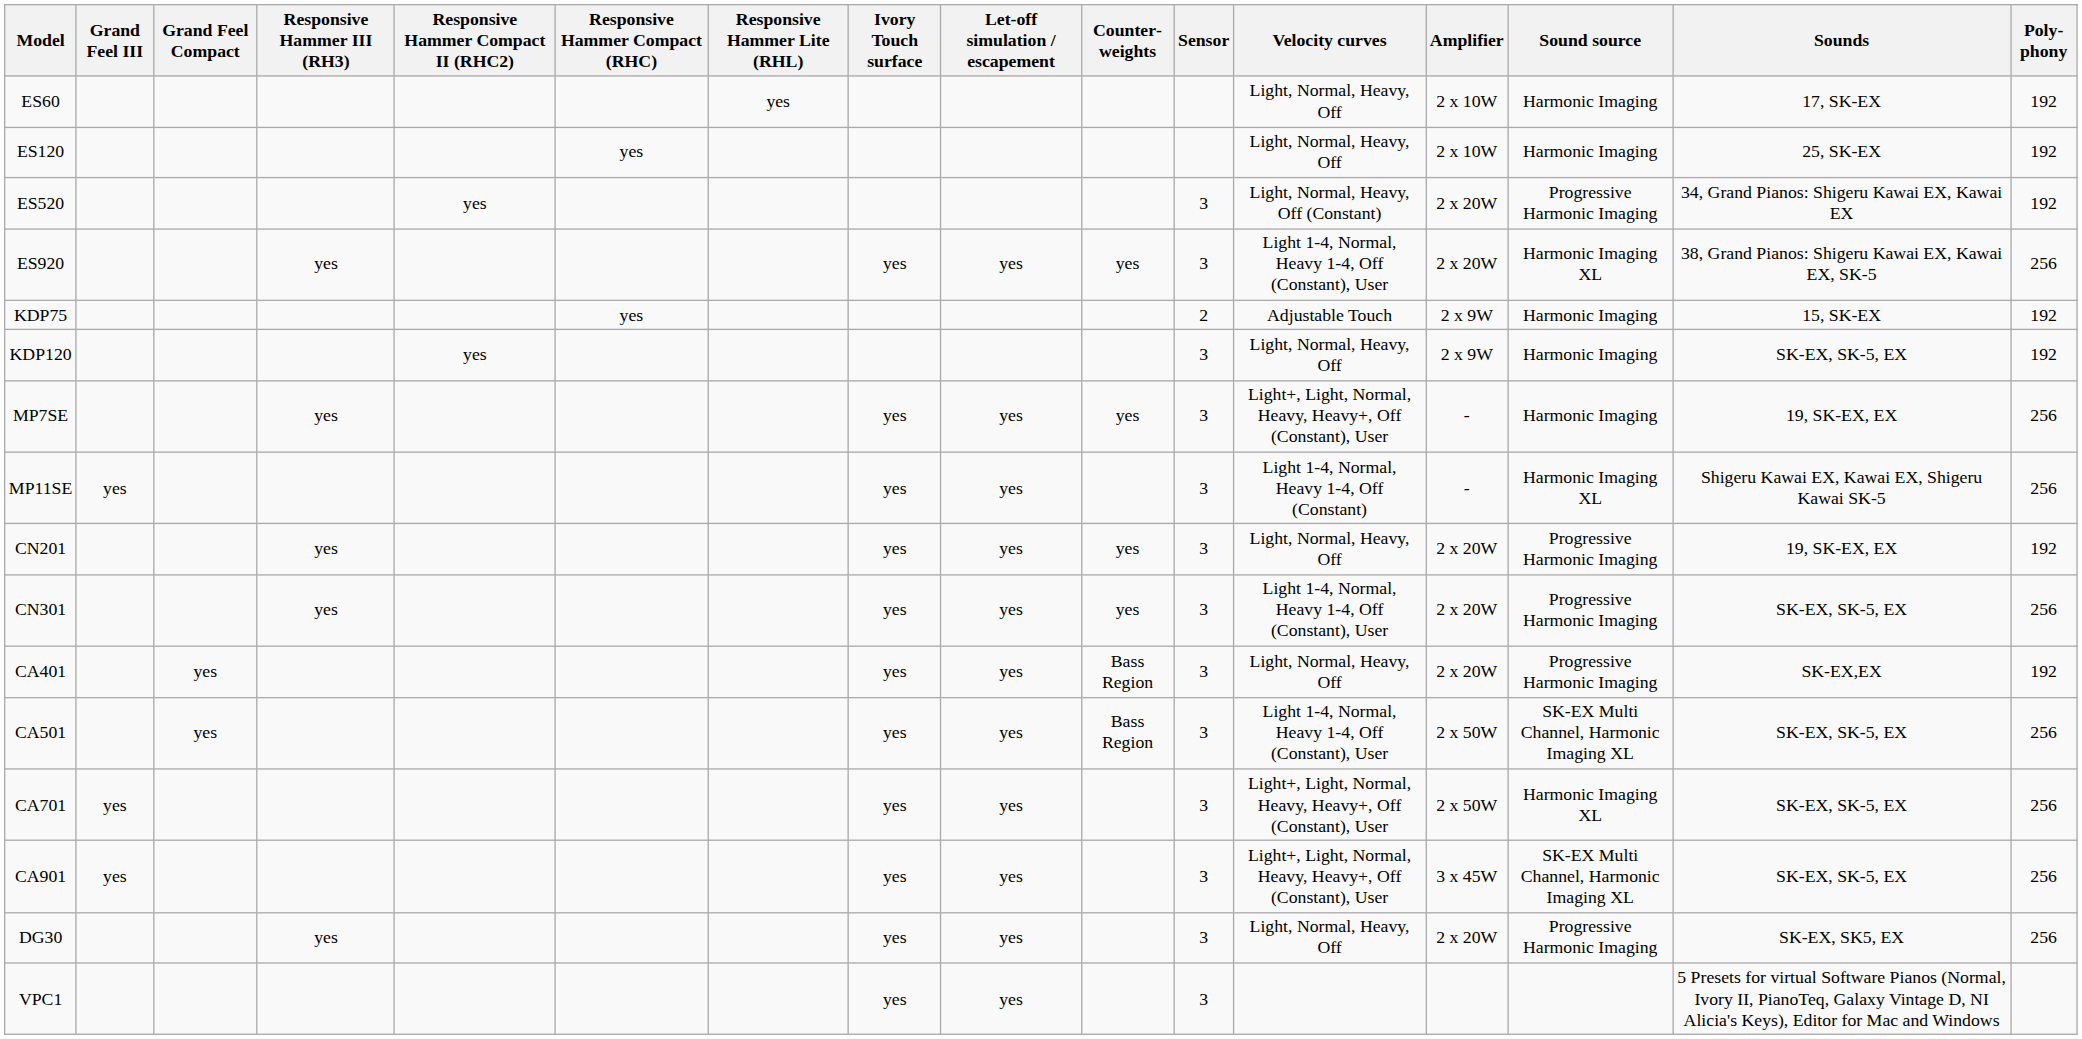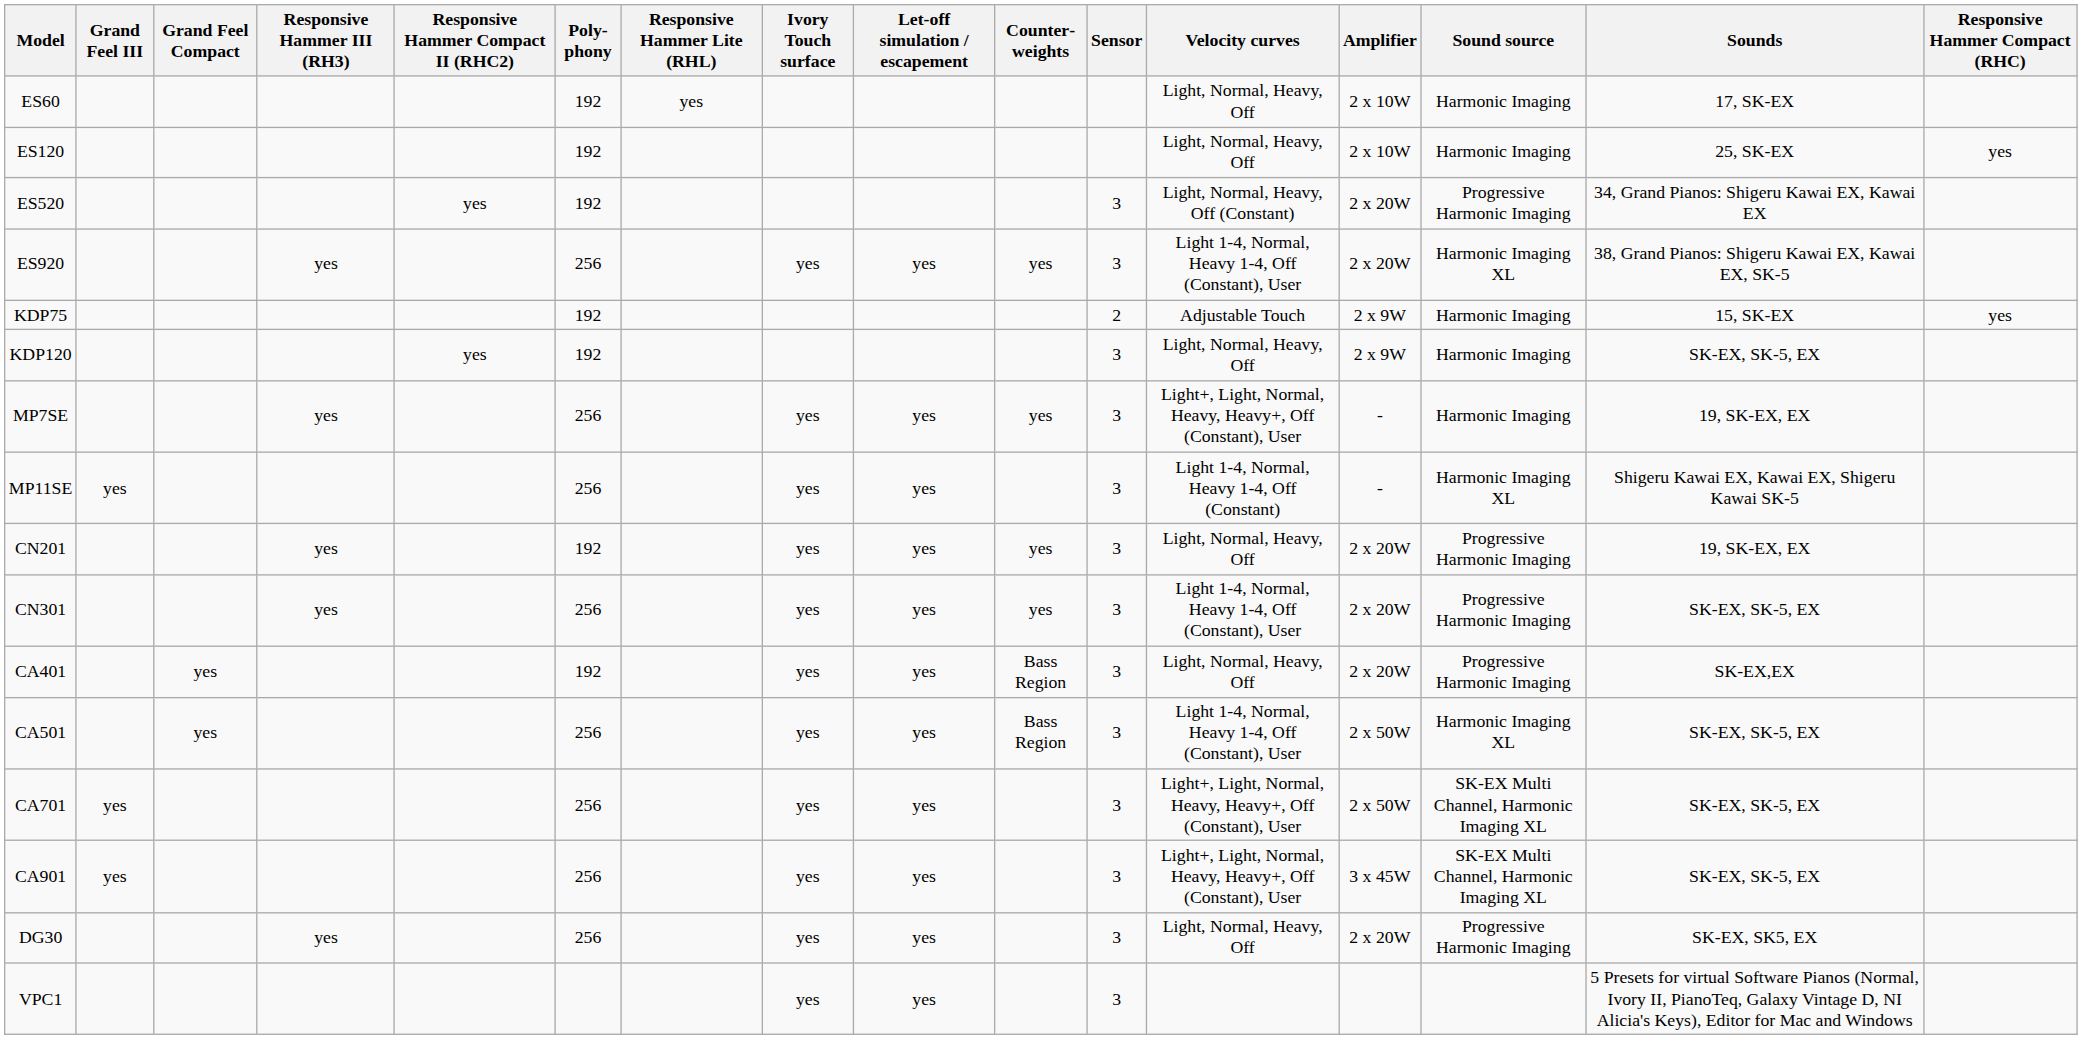 <table class="wikitable sortable mw-datatable sticky-table-row1 sticky-table-col1 sort-under" style="font-size: 84%; text-align: center;">
 <tr>
 <th>Model</th>
 <th>Grand Feel III</th>
 <th>Grand Feel Compact</th>
 <th>Responsive Hammer III (RH3)</th>
 <th>Responsive Hammer Compact II (RHC2)</th>
-<th>Responsive Hammer Compact (RHC)</th>
+<th>Poly­phony</th>
 <th>Responsive Hammer Lite (RHL)</th>
 <th>Ivory Touch surface</th>
 <th>Let-off simulation / escapement</th>
 <th>Counter­weights</th>
 <th>Sensor</th>
 <th>Velocity curves</th>
 <th>Amplifier</th>
 <th>Sound source</th>
 <th>Sounds</th>
-<th>Poly­phony</th>
+<th>Responsive Hammer Compact (RHC)</th>
 </tr>
 <tr>
 <td>ES60</td>
 <td></td>
 <td></td>
 <td></td>
 <td></td>
-<td></td>
+<td>192</td>
 <td>yes</td>
 <td></td>
 <td></td>
 <td></td>
 <td></td>
 <td>Light, Normal, Heavy, Off</td>
 <td>2 x 10W</td>
 <td>Harmonic Imaging</td>
 <td>17, SK-EX</td>
-<td>192</td>
+<td></td>
 </tr>
 <tr>
 <td>ES120</td>
 <td></td>
 <td></td>
 <td></td>
 <td></td>
-<td>yes</td>
+<td>192</td>
 <td></td>
 <td></td>
 <td></td>
 <td></td>
 <td></td>
 <td>Light, Normal, Heavy, Off</td>
 <td>2 x 10W</td>
 <td>Harmonic Imaging</td>
 <td>25, SK-EX</td>
-<td>192</td>
+<td>yes</td>
 </tr>
 <tr>
 <td>ES520</td>
 <td></td>
 <td></td>
 <td></td>
 <td>yes</td>
-<td></td>
+<td>192</td>
 <td></td>
 <td></td>
 <td></td>
 <td></td>
 <td>3</td>
 <td>Light, Normal, Heavy, Off (Constant)</td>
 <td>2 x 20W</td>
 <td>Progressive Harmonic Imaging</td>
 <td>34, Grand Pianos: Shigeru Kawai EX, Kawai EX</td>
-<td>192</td>
+<td></td>
 </tr>
 <tr>
 <td>ES920</td>
 <td></td>
 <td></td>
 <td>yes</td>
 <td></td>
-<td></td>
+<td>256</td>
 <td></td>
 <td>yes</td>
 <td>yes</td>
 <td>yes</td>
 <td>3</td>
 <td>Light 1-4, Normal, Heavy 1-4, Off (Constant), User</td>
 <td>2 x 20W</td>
 <td>Harmonic Imaging XL</td>
 <td>38, Grand Pianos: Shigeru Kawai EX, Kawai EX, SK-5</td>
-<td>256</td>
+<td></td>
 </tr>
 <tr>
 <td>KDP75</td>
 <td></td>
 <td></td>
 <td></td>
 <td></td>
-<td>yes</td>
+<td>192</td>
 <td></td>
 <td></td>
 <td></td>
 <td></td>
 <td>2</td>
 <td>Adjustable Touch</td>
 <td>2 x 9W</td>
 <td>Harmonic Imaging</td>
 <td>15, SK-EX</td>
-<td>192</td>
+<td>yes</td>
 </tr>
 <tr>
 <td>KDP120</td>
 <td></td>
 <td></td>
 <td></td>
 <td>yes</td>
-<td></td>
+<td>192</td>
 <td></td>
 <td></td>
 <td></td>
 <td></td>
 <td>3</td>
 <td>Light, Normal, Heavy, Off</td>
 <td>2 x 9W</td>
 <td>Harmonic Imaging</td>
 <td>SK-EX, SK-5, EX</td>
-<td>192</td>
+<td></td>
 </tr>
 <tr>
 <td>MP7SE</td>
 <td></td>
 <td></td>
 <td>yes</td>
 <td></td>
-<td></td>
+<td>256</td>
 <td></td>
 <td>yes</td>
 <td>yes</td>
 <td>yes</td>
 <td>3</td>
 <td>Light+, Light, Normal, Heavy, Heavy+, Off (Constant), User</td>
 <td>-</td>
 <td>Harmonic Imaging</td>
 <td>19, SK-EX, EX</td>
-<td>256</td>
+<td></td>
 </tr>
 <tr>
 <td>MP11SE</td>
 <td>yes</td>
 <td></td>
 <td></td>
 <td></td>
-<td></td>
+<td>256</td>
 <td></td>
 <td>yes</td>
 <td>yes</td>
 <td></td>
 <td>3</td>
 <td>Light 1-4, Normal, Heavy 1-4, Off (Constant)</td>
 <td>-</td>
 <td>Harmonic Imaging XL</td>
 <td>Shigeru Kawai EX, Kawai EX, Shigeru Kawai SK-5</td>
-<td>256</td>
+<td></td>
 </tr>
 <tr>
 <td>CN201</td>
 <td></td>
 <td></td>
 <td>yes</td>
 <td></td>
-<td></td>
+<td>192</td>
 <td></td>
 <td>yes</td>
 <td>yes</td>
 <td>yes</td>
 <td>3</td>
 <td>Light, Normal, Heavy, Off</td>
 <td>2 x 20W</td>
 <td>Progressive Harmonic Imaging</td>
 <td>19, SK-EX, EX</td>
-<td>192</td>
+<td></td>
 </tr>
 <tr>
 <td>CN301</td>
 <td></td>
 <td></td>
 <td>yes</td>
 <td></td>
-<td></td>
+<td>256</td>
 <td></td>
 <td>yes</td>
 <td>yes</td>
 <td>yes</td>
 <td>3</td>
 <td>Light 1-4, Normal, Heavy 1-4, Off (Constant), User</td>
 <td>2 x 20W</td>
 <td>Progressive Harmonic Imaging</td>
 <td>SK-EX, SK-5, EX</td>
-<td>256</td>
+<td></td>
 </tr>
 <tr>
 <td>CA401</td>
 <td></td>
 <td>yes</td>
 <td></td>
 <td></td>
-<td></td>
+<td>192</td>
 <td></td>
 <td>yes</td>
 <td>yes</td>
 <td>Bass Region</td>
 <td>3</td>
 <td>Light, Normal, Heavy, Off</td>
 <td>2 x 20W</td>
 <td>Progressive Harmonic Imaging</td>
 <td>SK-EX,EX</td>
-<td>192</td>
+<td></td>
 </tr>
 <tr>
 <td>CA501</td>
 <td></td>
 <td>yes</td>
 <td></td>
 <td></td>
-<td></td>
+<td>256</td>
 <td></td>
 <td>yes</td>
 <td>yes</td>
 <td>Bass Region</td>
 <td>3</td>
 <td>Light 1-4, Normal, Heavy 1-4, Off (Constant), User</td>
 <td>2 x 50W</td>
-<td>SK-EX Multi Channel, Harmonic Imaging XL</td>
+<td>Harmonic Imaging XL</td>
 <td>SK-EX, SK-5, EX</td>
-<td>256</td>
+<td></td>
 </tr>
 <tr>
 <td>CA701</td>
 <td>yes</td>
 <td></td>
 <td></td>
 <td></td>
-<td></td>
+<td>256</td>
 <td></td>
 <td>yes</td>
 <td>yes</td>
 <td></td>
 <td>3</td>
 <td>Light+, Light, Normal, Heavy, Heavy+, Off (Constant), User</td>
 <td>2 x 50W</td>
-<td>Harmonic Imaging XL</td>
+<td>SK-EX Multi Channel, Harmonic Imaging XL</td>
 <td>SK-EX, SK-5, EX</td>
-<td>256</td>
+<td></td>
 </tr>
 <tr>
 <td>CA901</td>
 <td>yes</td>
 <td></td>
 <td></td>
 <td></td>
-<td></td>
+<td>256</td>
 <td></td>
 <td>yes</td>
 <td>yes</td>
 <td></td>
 <td>3</td>
 <td>Light+, Light, Normal, Heavy, Heavy+, Off (Constant), User</td>
 <td>3 x 45W</td>
 <td>SK-EX Multi Channel, Harmonic Imaging XL</td>
 <td>SK-EX, SK-5, EX</td>
-<td>256</td>
+<td></td>
 </tr>
 <tr>
 <td>DG30</td>
 <td></td>
 <td></td>
 <td>yes</td>
 <td></td>
-<td></td>
+<td>256</td>
 <td></td>
 <td>yes</td>
 <td>yes</td>
 <td></td>
 <td>3</td>
 <td>Light, Normal, Heavy, Off</td>
 <td>2 x 20W</td>
 <td>Progressive Harmonic Imaging</td>
 <td>SK-EX, SK5, EX</td>
-<td>256</td>
+<td></td>
 </tr>
 <tr>
 <td>VPC1</td>
 <td></td>
 <td></td>
 <td></td>
 <td></td>
 <td></td>
 <td></td>
 <td>yes</td>
 <td>yes</td>
 <td></td>
 <td>3</td>
 <td></td>
 <td></td>
 <td></td>
 <td>5 Presets for virtual Software Pianos (Normal, Ivory II, PianoTeq, Galaxy Vintage D, NI Alicia's Keys), Editor for Mac and Windows</td>
 <td></td>
 </tr>
 </table>
